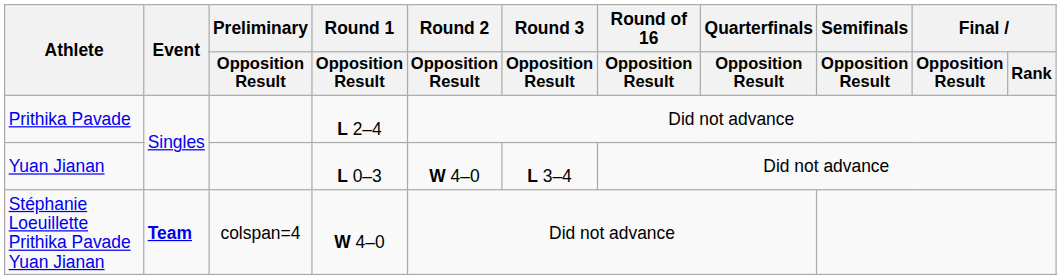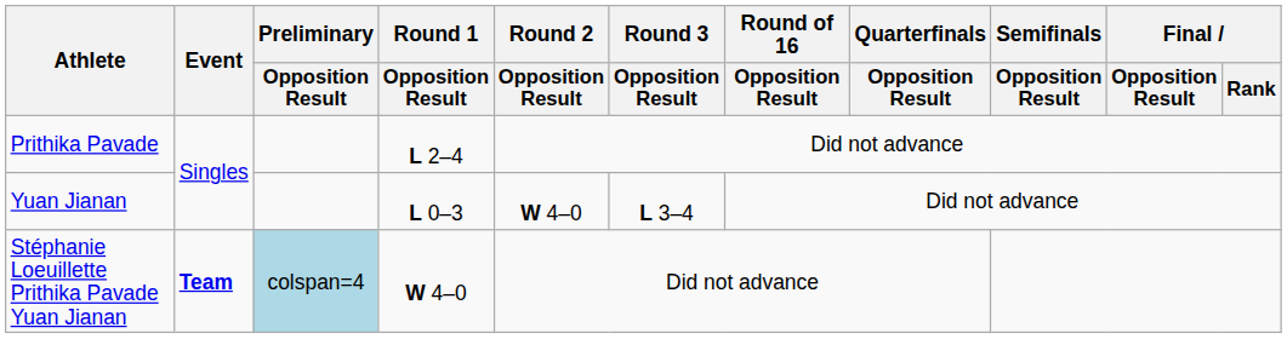 <table class="wikitable" style="font-size:90%;">
 <tr>
 <th rowspan=2>Athlete</th>
 <th rowspan=2>Event</th>
 <th>Preliminary</th>
 <th>Round 1</th>
 <th>Round 2</th>
 <th>Round 3</th>
 <th>Round of 16</th>
 <th>Quarterfinals</th>
 <th>Semifinals</th>
 <th colspan=2>Final / </th>
 </tr>
 <tr style="font-size:95%">
 <th>Opposition<br>Result</th>
 <th>Opposition<br>Result</th>
 <th>Opposition<br>Result</th>
 <th>Opposition<br>Result</th>
 <th>Opposition<br>Result</th>
 <th>Opposition<br>Result</th>
 <th>Opposition<br>Result</th>
 <th>Opposition<br>Result</th>
 <th>Rank</th>
 </tr>
 <tr align=center>
 <td align=left><a href='#'>Prithika Pavade</a></td>
 <td align=left rowspan=2><a href='#'>Singles</a></td>
 <td></td>
 <td><br><strong>L</strong> 2–4</td>
 <td colspan=7>Did not advance</td>
 </tr>
 <tr align=center>
 <td align=left><a href='#'>Yuan Jianan</a></td>
 <td></td>
 <td><br><strong>L</strong> 0–3</td>
 <td><br><strong>W</strong> 4–0</td>
 <td><br><strong>L</strong> 3–4</td>
 <td colspan=5>Did not advance</td>
 </tr>
 <tr align=center>
 <td align=left><a href='#'>Stéphanie Loeuillette</a><br><a href='#'>Prithika Pavade</a><br><a href='#'>Yuan Jianan</a></td>
 <td align=left><strong><a href='#'>Team</a></strong></td>
-<td>colspan=4 </td>
+<td style="background: lightblue;">colspan=4 </td>
 <td><br><strong>W</strong> 4–0</td>
 <td colspan=4>Did not advance</td>
 </tr>
 </table>
